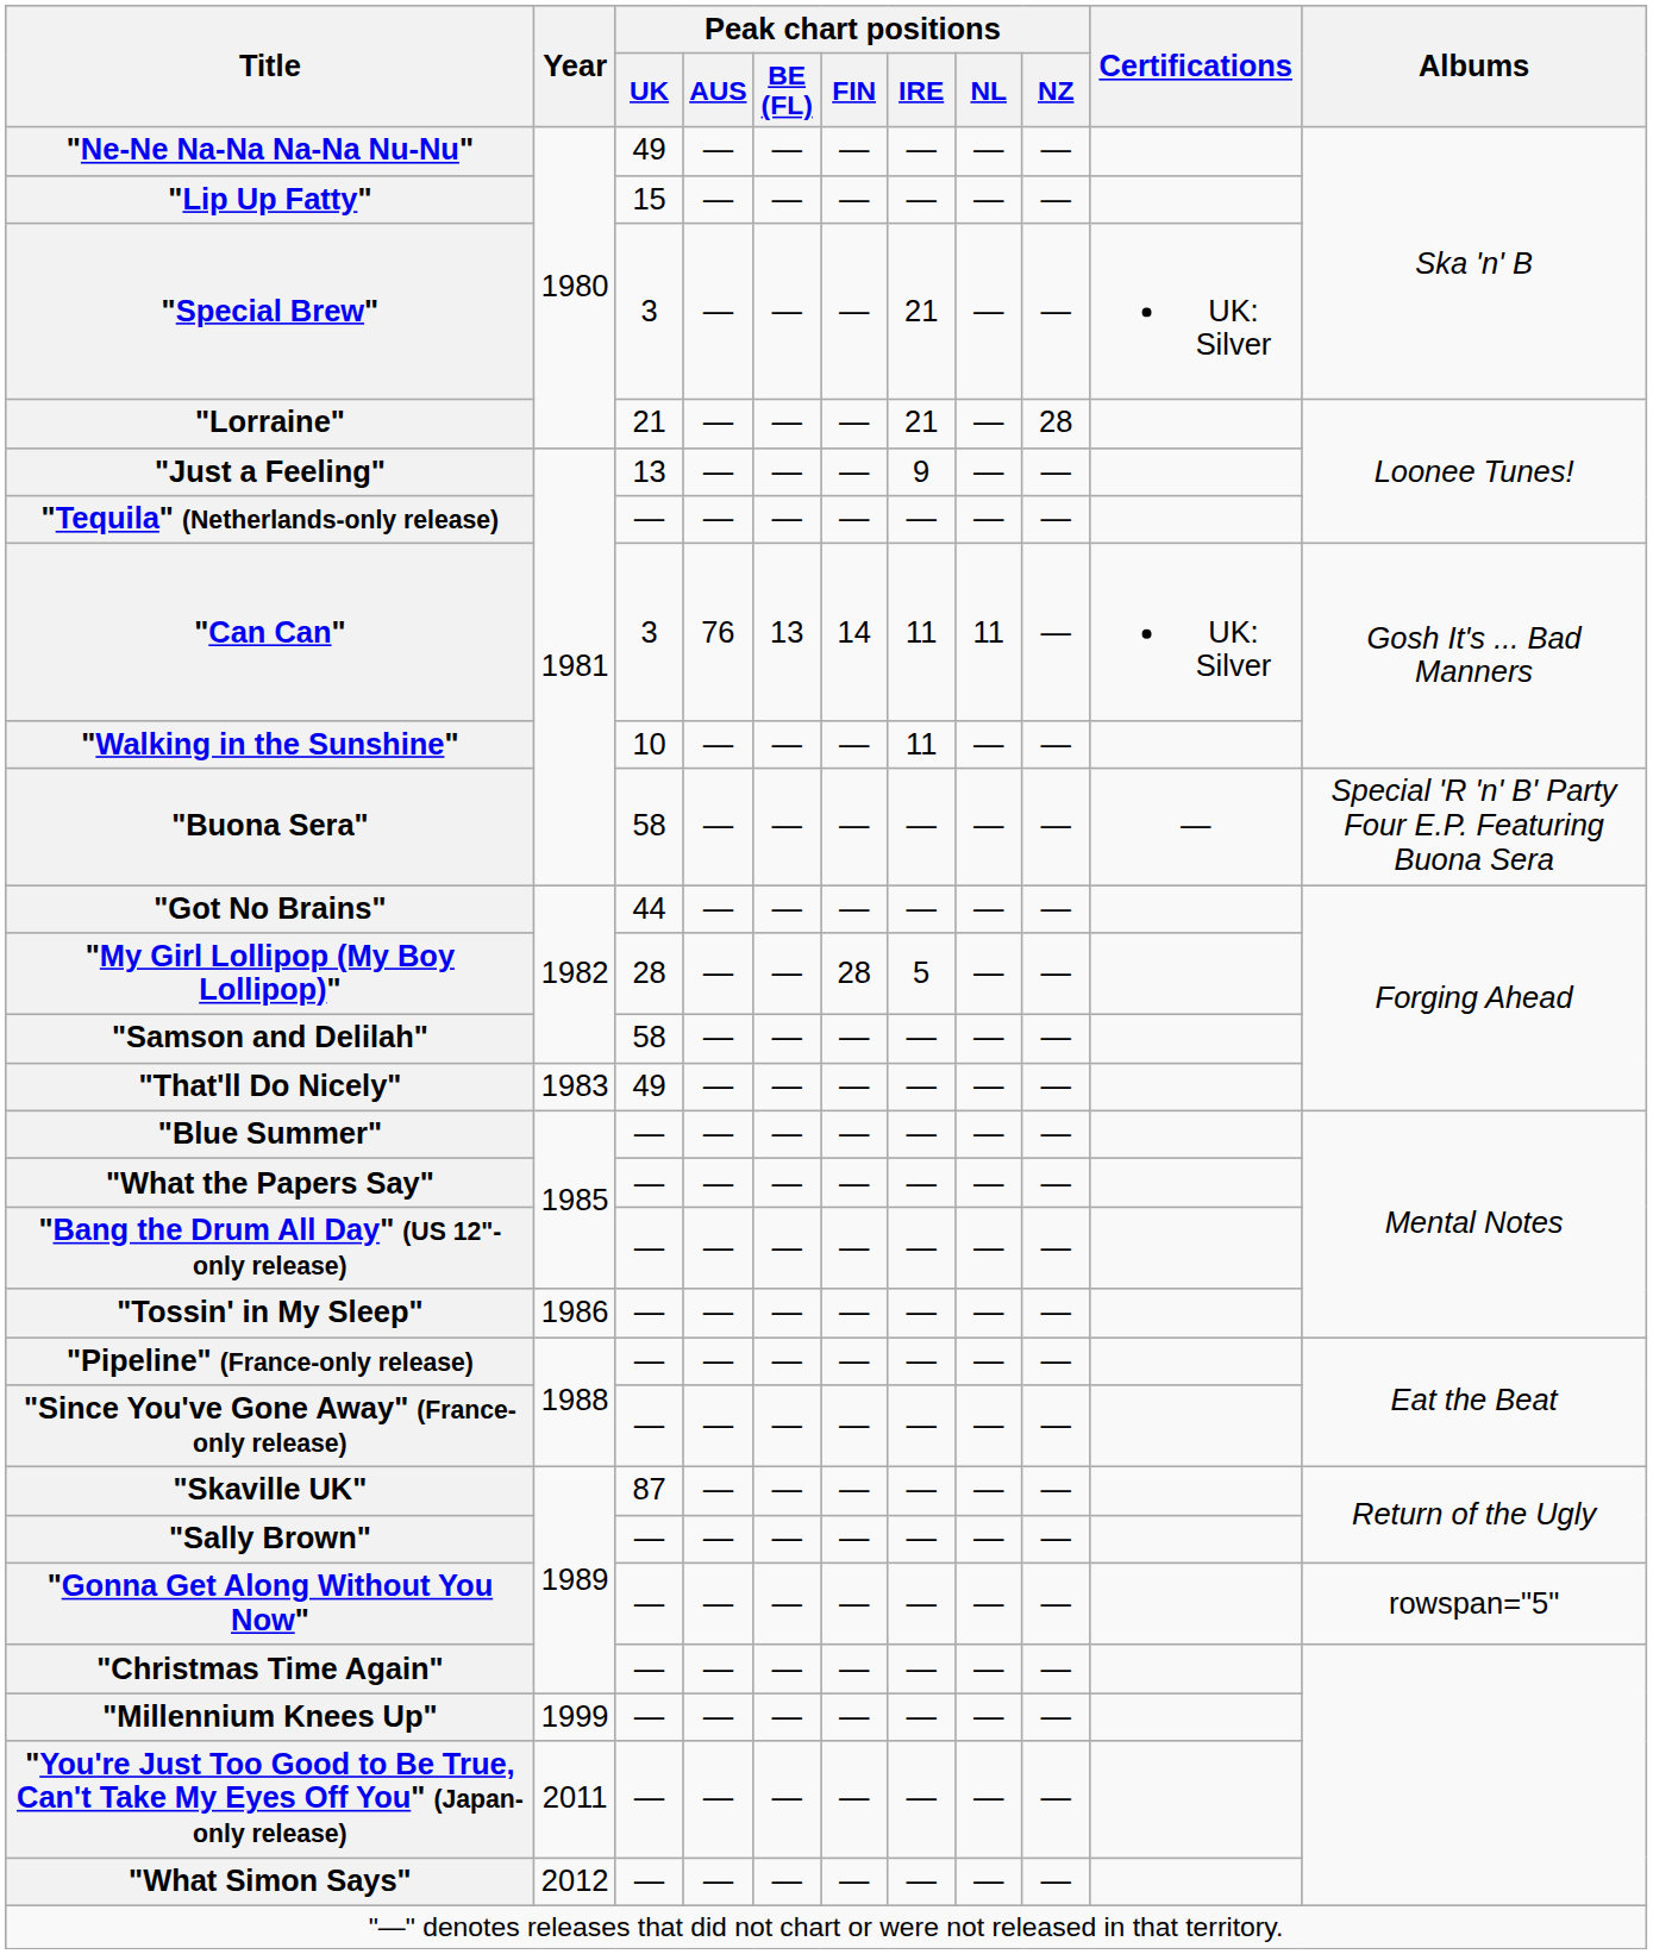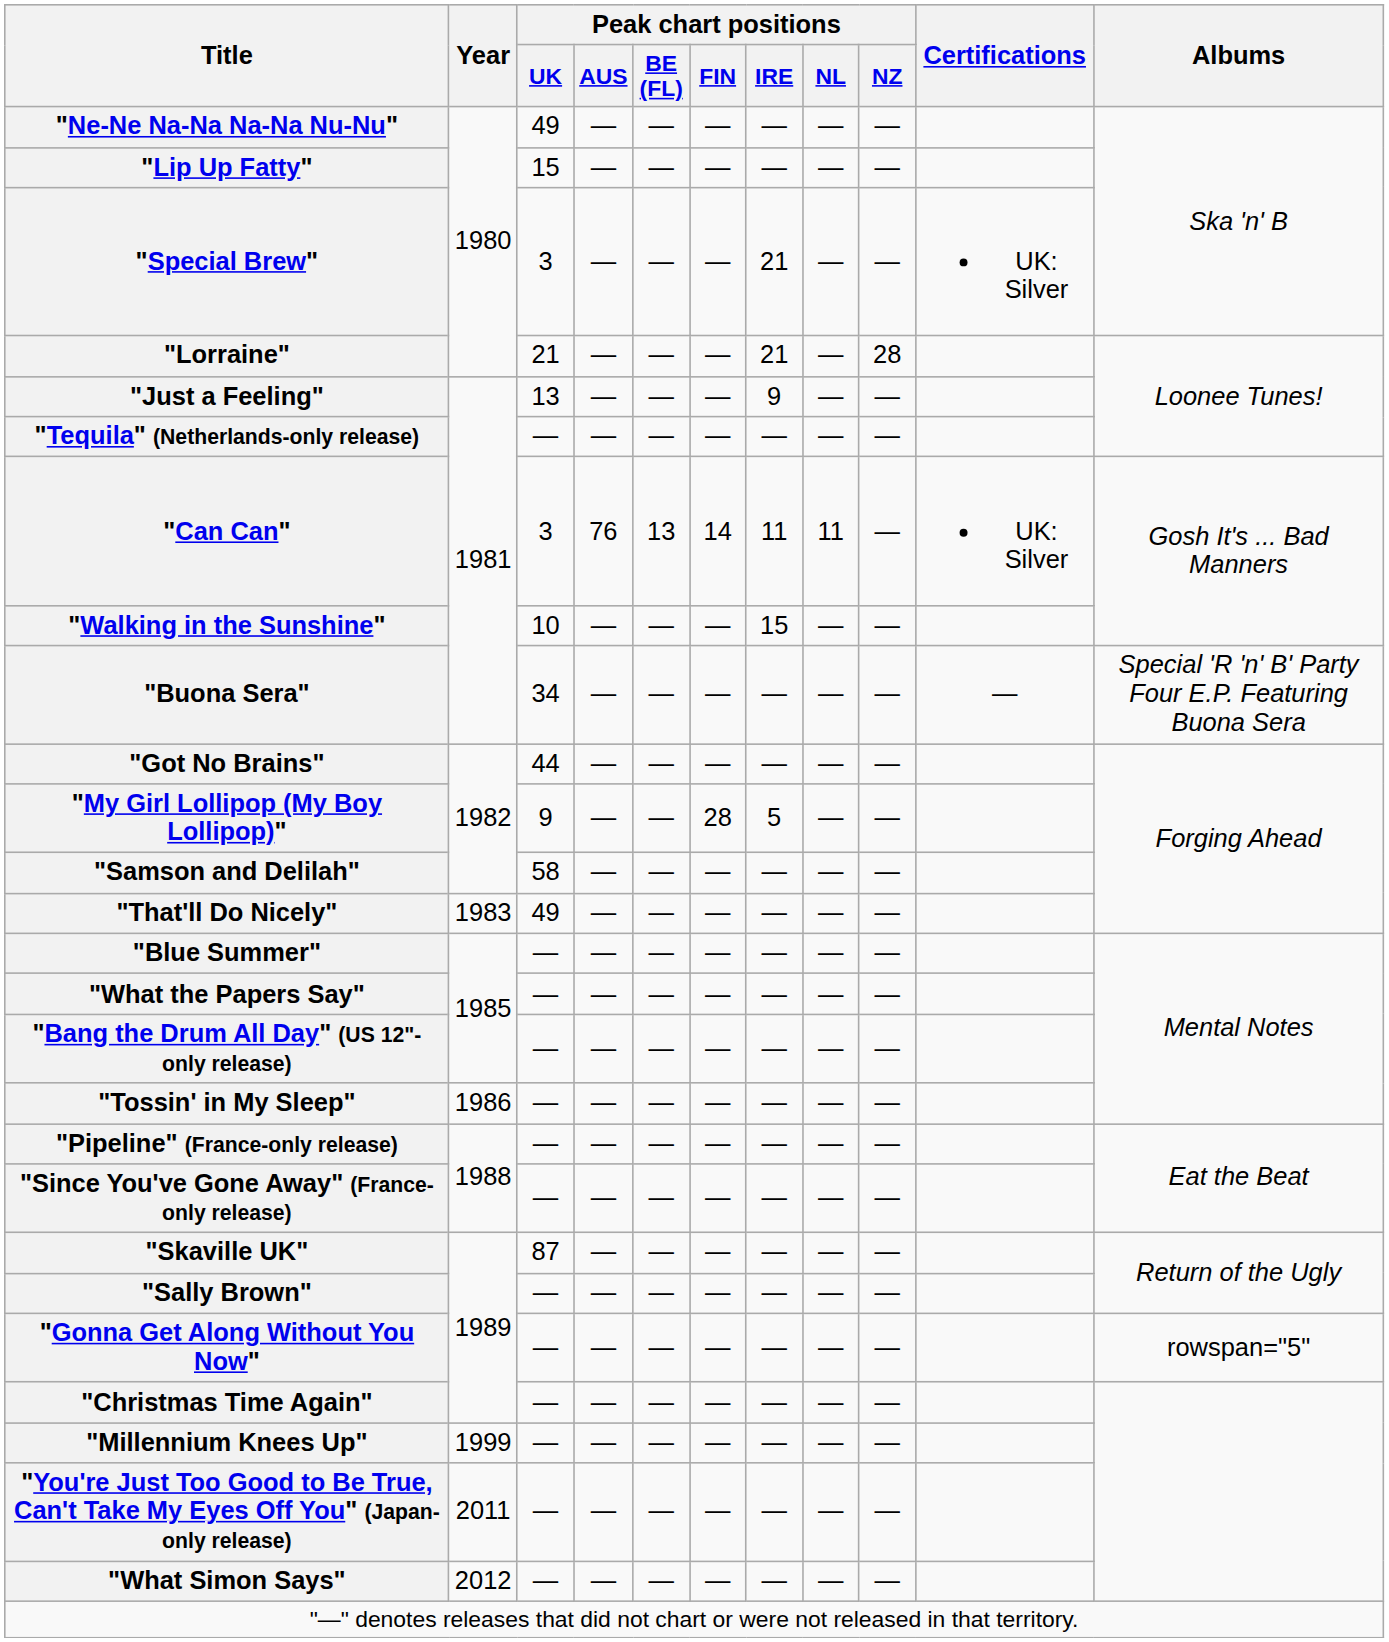 <table class="wikitable plainrowheaders" style="text-align:center;">
 <tr>
 <th rowspan="2" scope="col" style="width:17em;">Title</th>
 <th rowspan="2" scope="col" style="width:2em;">Year</th>
 <th colspan="7">Peak chart positions</th>
 <th rowspan="2"><a href='#'>Certifications</a></th>
 <th rowspan="2">Albums</th>
 </tr>
 <tr>
 <th scope="col" style="width:2em;font-size:90%;"><a href='#'>UK</a><br></th>
 <th scope="col" style="width:2em;font-size:90%;"><a href='#'>AUS</a><br></th>
 <th scope="col" style="width:2em;font-size:90%;"><a href='#'>BE (FL)</a><br></th>
 <th scope="col" style="width:2em;font-size:90%;"><a href='#'>FIN</a><br></th>
 <th scope="col" style="width:2em;font-size:90%;"><a href='#'>IRE</a><br></th>
 <th scope="col" style="width:2em;font-size:90%;"><a href='#'>NL</a><br></th>
 <th scope="col" style="width:2em;font-size:90%;"><a href='#'>NZ</a><br></th>
 </tr>
 <tr>
 <th scope="row">"<a href='#'>Ne-Ne Na-Na Na-Na Nu-Nu</a>"</th>
 <td rowspan="4">1980</td>
 <td>49</td>
 <td>—</td>
 <td>—</td>
 <td>—</td>
 <td>—</td>
 <td>—</td>
 <td>—</td>
 <td></td>
 <td rowspan="3"><em>Ska 'n' B</em></td>
 </tr>
 <tr>
 <th scope="row">"<a href='#'>Lip Up Fatty</a>"</th>
 <td>15</td>
 <td>—</td>
 <td>—</td>
 <td>—</td>
 <td>—</td>
 <td>—</td>
 <td>—</td>
 <td></td>
 </tr>
 <tr>
 <th scope="row">"<a href='#'>Special Brew</a>"</th>
 <td>3</td>
 <td>—</td>
 <td>—</td>
 <td>—</td>
 <td>21</td>
 <td>—</td>
 <td>—</td>
 <td><br><ul><li>UK: Silver</li></ul></td>
 </tr>
 <tr>
 <th scope="row">"Lorraine"</th>
 <td>21</td>
 <td>—</td>
 <td>—</td>
 <td>—</td>
 <td>21</td>
 <td>—</td>
 <td>28</td>
 <td></td>
 <td rowspan="3"><em>Loonee Tunes!</em></td>
 </tr>
 <tr>
 <th scope="row">"Just a Feeling"</th>
 <td rowspan="5">1981</td>
 <td>13</td>
 <td>—</td>
 <td>—</td>
 <td>—</td>
 <td>9</td>
 <td>—</td>
 <td>—</td>
 <td></td>
 </tr>
 <tr>
 <th scope="row">"<a href='#'>Tequila</a>" <small>(Netherlands-only release)</small></th>
 <td>—</td>
 <td>—</td>
 <td>—</td>
 <td>—</td>
 <td>—</td>
 <td>—</td>
 <td>—</td>
 <td></td>
 </tr>
 <tr>
 <th scope="row">"<a href='#'>Can Can</a>"</th>
 <td>3</td>
 <td>76</td>
 <td>13</td>
 <td>14</td>
 <td>11</td>
 <td>11</td>
 <td>—</td>
 <td><br><ul><li>UK: Silver</li></ul></td>
 <td rowspan="2"><em>Gosh It's ... Bad Manners</em></td>
 </tr>
 <tr>
 <th scope="row">"<a href='#'>Walking in the Sunshine</a>"</th>
 <td>10</td>
 <td>—</td>
 <td>—</td>
 <td>—</td>
-<td>11</td>
+<td>15</td>
 <td>—</td>
 <td>—</td>
 <td></td>
 </tr>
 <tr>
 <th scope="row">"Buona Sera"</th>
-<td>58</td>
+<td>34</td>
 <td>—</td>
 <td>—</td>
 <td>—</td>
 <td>—</td>
 <td>—</td>
 <td>—</td>
 <td>—</td>
 <td><em>Special 'R 'n' B' Party Four E.P. Featuring Buona Sera</em></td>
 </tr>
 <tr>
 <th scope="row">"Got No Brains"</th>
 <td rowspan="3">1982</td>
 <td>44</td>
 <td>—</td>
 <td>—</td>
 <td>—</td>
 <td>—</td>
 <td>—</td>
 <td>—</td>
 <td></td>
 <td rowspan="4"><em>Forging Ahead</em></td>
 </tr>
 <tr>
 <th scope="row">"<a href='#'>My Girl Lollipop (My Boy Lollipop)</a>"</th>
-<td>28</td>
+<td>9</td>
 <td>—</td>
 <td>—</td>
 <td>28</td>
 <td>5</td>
 <td>—</td>
 <td>—</td>
 <td></td>
 </tr>
 <tr>
 <th scope="row">"Samson and Delilah"</th>
 <td>58</td>
 <td>—</td>
 <td>—</td>
 <td>—</td>
 <td>—</td>
 <td>—</td>
 <td>—</td>
 <td></td>
 </tr>
 <tr>
 <th scope="row">"That'll Do Nicely"</th>
 <td>1983</td>
 <td>49</td>
 <td>—</td>
 <td>—</td>
 <td>—</td>
 <td>—</td>
 <td>—</td>
 <td>—</td>
 <td></td>
 </tr>
 <tr>
 <th scope="row">"Blue Summer"</th>
 <td rowspan="3">1985</td>
 <td>—</td>
 <td>—</td>
 <td>—</td>
 <td>—</td>
 <td>—</td>
 <td>—</td>
 <td>—</td>
 <td></td>
 <td rowspan="4"><em>Mental Notes</em></td>
 </tr>
 <tr>
 <th scope="row">"What the Papers Say"</th>
 <td>—</td>
 <td>—</td>
 <td>—</td>
 <td>—</td>
 <td>—</td>
 <td>—</td>
 <td>—</td>
 <td></td>
 </tr>
 <tr>
 <th scope="row">"<a href='#'>Bang the Drum All Day</a>" <small>(US 12"-only release)</small></th>
 <td>—</td>
 <td>—</td>
 <td>—</td>
 <td>—</td>
 <td>—</td>
 <td>—</td>
 <td>—</td>
 <td></td>
 </tr>
 <tr>
 <th scope="row">"Tossin' in My Sleep"</th>
 <td>1986</td>
 <td>—</td>
 <td>—</td>
 <td>—</td>
 <td>—</td>
 <td>—</td>
 <td>—</td>
 <td>—</td>
 <td></td>
 </tr>
 <tr>
 <th scope="row">"Pipeline" <small>(France-only release)</small></th>
 <td rowspan="2">1988</td>
 <td>—</td>
 <td>—</td>
 <td>—</td>
 <td>—</td>
 <td>—</td>
 <td>—</td>
 <td>—</td>
 <td></td>
 <td rowspan="2"><em>Eat the Beat</em></td>
 </tr>
 <tr>
 <th scope="row">"Since You've Gone Away" <small>(France-only release)</small></th>
 <td>—</td>
 <td>—</td>
 <td>—</td>
 <td>—</td>
 <td>—</td>
 <td>—</td>
 <td>—</td>
 <td></td>
 </tr>
 <tr>
 <th scope="row">"Skaville UK"</th>
 <td rowspan="4">1989</td>
 <td>87</td>
 <td>—</td>
 <td>—</td>
 <td>—</td>
 <td>—</td>
 <td>—</td>
 <td>—</td>
 <td></td>
 <td rowspan="2"><em>Return of the Ugly</em></td>
 </tr>
 <tr>
 <th scope="row">"Sally Brown"</th>
 <td>—</td>
 <td>—</td>
 <td>—</td>
 <td>—</td>
 <td>—</td>
 <td>—</td>
 <td>—</td>
 <td></td>
 </tr>
 <tr>
 <th scope="row">"<a href='#'>Gonna Get Along Without You Now</a>"</th>
 <td>—</td>
 <td>—</td>
 <td>—</td>
 <td>—</td>
 <td>—</td>
 <td>—</td>
 <td>—</td>
 <td></td>
 <td>rowspan="5" </td>
 </tr>
 <tr>
 <th scope="row">"Christmas Time Again"</th>
 <td>—</td>
 <td>—</td>
 <td>—</td>
 <td>—</td>
 <td>—</td>
 <td>—</td>
 <td>—</td>
 <td></td>
 </tr>
 <tr>
 <th scope="row">"Millennium Knees Up"</th>
 <td>1999</td>
 <td>—</td>
 <td>—</td>
 <td>—</td>
 <td>—</td>
 <td>—</td>
 <td>—</td>
 <td>—</td>
 <td></td>
 </tr>
 <tr>
 <th scope="row">"<a href='#'>You're Just Too Good to Be True, Can't Take My Eyes Off You</a>" <small>(Japan-only release)</small></th>
 <td>2011</td>
 <td>—</td>
 <td>—</td>
 <td>—</td>
 <td>—</td>
 <td>—</td>
 <td>—</td>
 <td>—</td>
 <td></td>
 </tr>
 <tr>
 <th scope="row">"What Simon Says"</th>
 <td>2012</td>
 <td>—</td>
 <td>—</td>
 <td>—</td>
 <td>—</td>
 <td>—</td>
 <td>—</td>
 <td>—</td>
 <td></td>
 </tr>
 <tr>
 <td colspan="11" style="font-size:90%">"—" denotes releases that did not chart or were not released in that territory.</td>
 </tr>
 </table>
